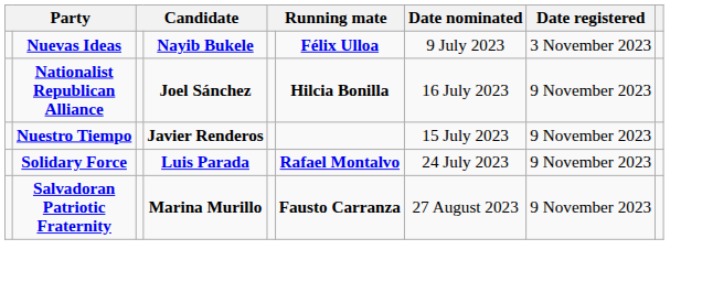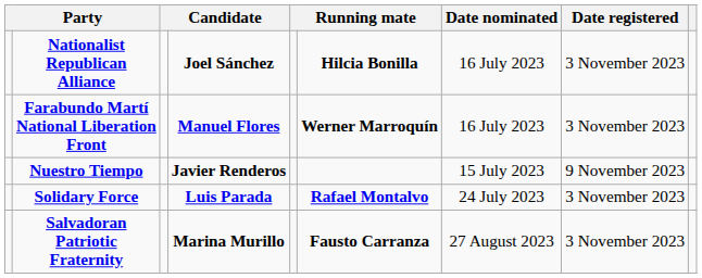 <table class="vertical-align-top wikitable sortable" style="text-align:center">
 <tr>
 <th colspan="2">Party</th>
 <th colspan="2">Candidate</th>
 <th colspan="2">Running mate</th>
 <th>Date nominated</th>
 <th>Date registered</th>
 <th class="unsortable"></th>
 </tr>
 <tr>
 <td style="background-color:"></td>
-<td data-sort-value="Nuevas Ideas"> <strong><a href='#'>Nuevas Ideas</a></strong></td>
-<td></td>
-<td data-sort-value="Bukele, Nayib" style="line-height:1.0"><strong><a href='#'>Nayib Bukele</a></strong><br></td>
-<td></td>
-<td data-sort-value="Ulloa, Felix"  style="line-height:1.0"><strong><a href='#'>Félix Ulloa</a></strong><br></td>
-<td data-sort-value="2023-07-09">9 July 2023</td>
-<td data-sort-value="2023-11-03">3 November 2023</td>
-<td></td>
-</tr>
-<tr>
-<td style="background-color:"></td>
 <td data-sort-value="Nationalist Republican Alliance"> <strong><a href='#'>Nationalist<br>Republican<br>Alliance</a></strong></td>
 <td></td>
 <td data-sort-value="Sanchez, Joel"><strong>Joel Sánchez</strong></td>
 <td></td>
 <td data-sort-value="Bonilla, Hilcia"><strong>Hilcia Bonilla</strong></td>
 <td data-sort-value="2023-07-16">16 July 2023</td>
-<td>9 November 2023</td>
+<td data-sort-value="2023-11-03">3 November 2023</td>
+<td></td>
+</tr>
+<tr>
+<td style="background-color:"></td>
+<td data-sort-value="Farabundo Marti National Liberation Front"> <strong><a href='#'>Farabundo Martí<br>National Liberation<br>Front</a></strong></td>
+<td></td>
+<td data-sort-value="Flores, Manuel" style="line-height:1.0"><strong><a href='#'>Manuel Flores</a></strong><br></td>
+<td></td>
+<td data-sort-value="Marroquin, Werner"><strong>Werner Marroquín</strong></td>
+<td data-sort-value="2023-07-16">16 July 2023</td>
+<td data-sort-value="2023-11-03">3 November 2023</td>
 <td></td>
 </tr>
 <tr>
 <td style="background-color:"></td>
 <td data-sort-value="Nuestro Tiempo"> <strong><a href='#'>Nuestro Tiempo</a></strong></td>
 <td></td>
 <td data-sort-value="Renderos, Javier "><strong>Javier Renderos</strong></td>
 <td></td>
 <td data-sort-value="Medrano, Celia"><strong></strong></td>
 <td data-sort-value="2023-07-15">15 July 2023</td>
 <td>9 November 2023</td>
 <td></td>
 </tr>
 <tr>
 <td style="background-color:"></td>
 <td data-sort-value="Solidary Force"> <strong><a href='#'>Solidary Force</a></strong></td>
 <td></td>
 <td data-sort-value="Parada, Luis"><strong><a href='#'>Luis Parada</a></strong></td>
 <td></td>
 <td data-sort-value="Montalvo, Rafael" style="line-height:1.0"><strong><a href='#'>Rafael Montalvo</a></strong><br></td>
 <td data-sort-value="2023-07-24">24 July 2023</td>
-<td>9 November 2023</td>
+<td data-sort-value="2023-11-03">3 November 2023</td>
 <td></td>
 </tr>
 <tr>
 <td style="background-color:"></td>
 <td data-sort-value="Salvadoran Patriotic Fraternity"><strong><a href='#'>Salvadoran<br>Patriotic<br>Fraternity</a></strong></td>
 <td></td>
 <td data-sort-value="Murillo, Marina"><strong>Marina Murillo</strong></td>
 <td></td>
 <td data-sort-value="Carranza, Fausto"><strong>Fausto Carranza</strong></td>
 <td data-sort-value="2023-08-27">27 August 2023</td>
-<td>9 November 2023</td>
+<td data-sort-value="2023-11-03">3 November 2023</td>
 <td></td>
 </tr>
 </table>
